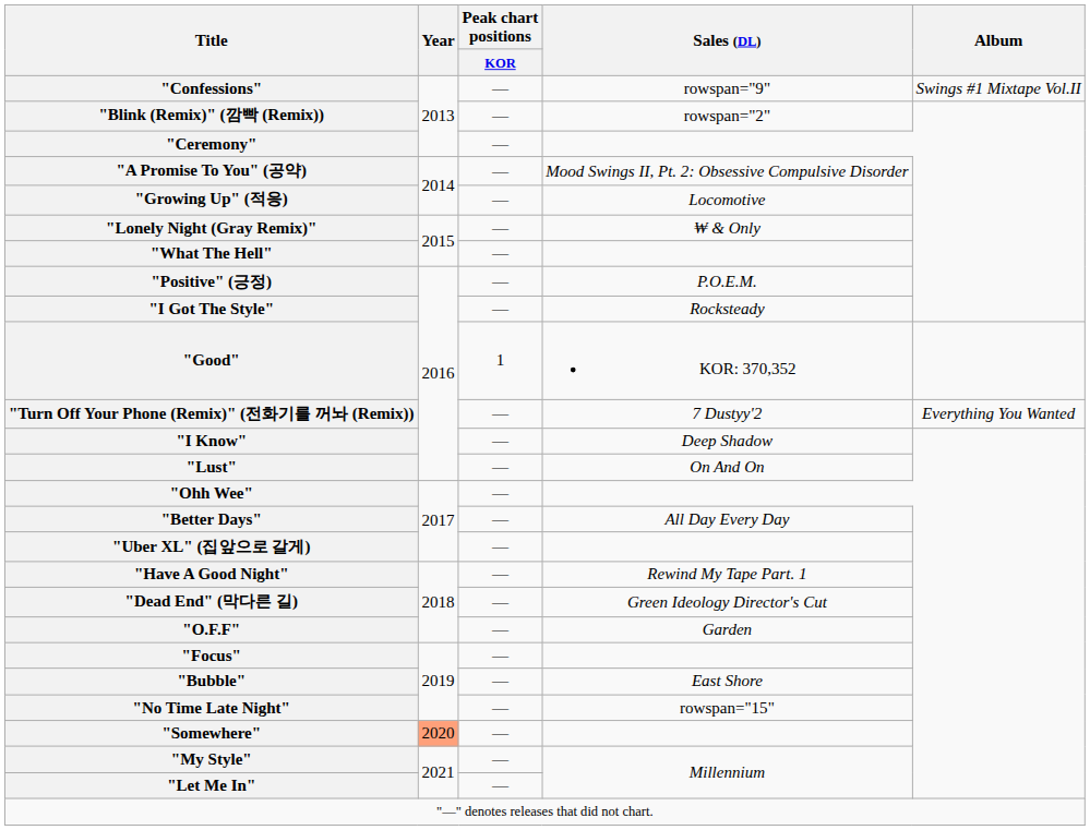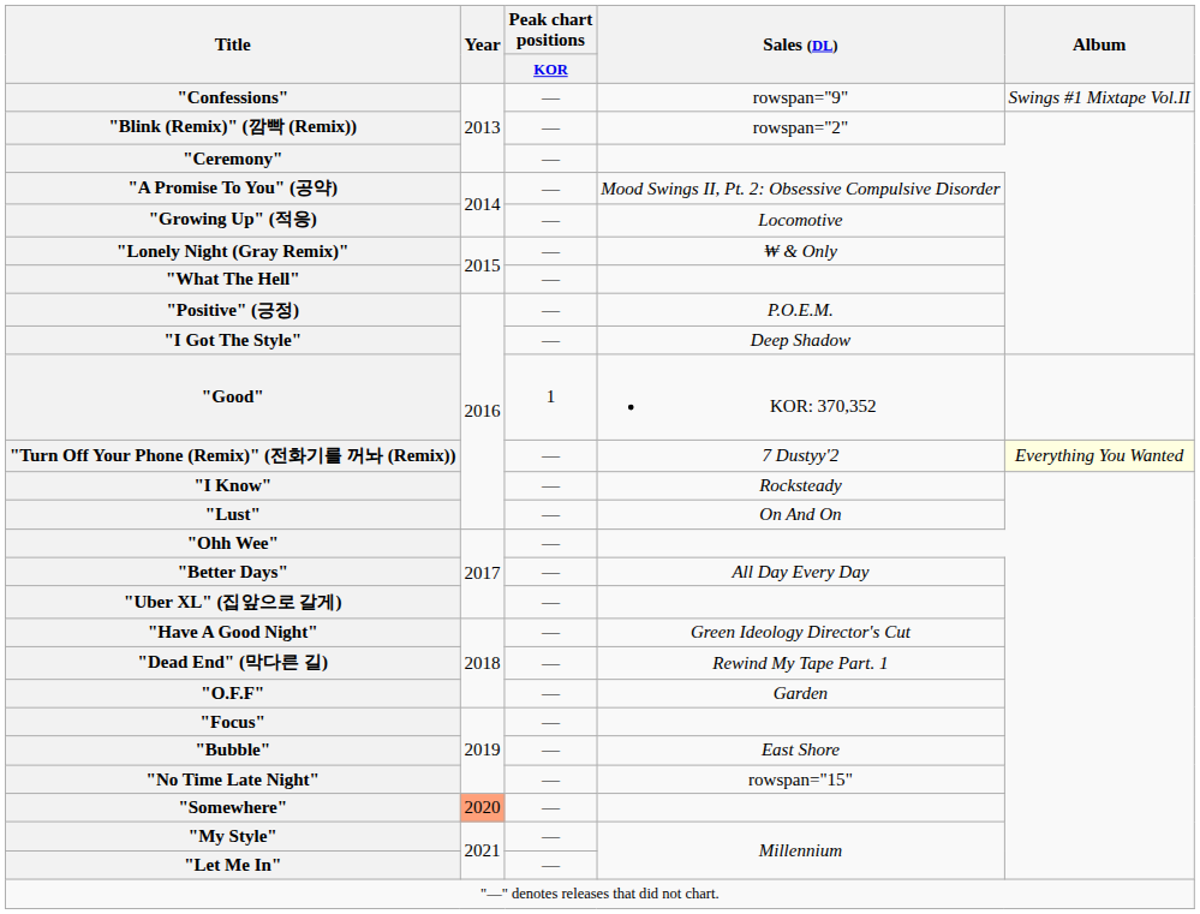 <table class="wikitable plainrowheaders" style="text-align:center;">
 <tr>
 <th scope="col" rowspan="2">Title</th>
 <th scope="col" rowspan="2">Year</th>
 <th scope="col" colspan="1">Peak chart <br> positions</th>
 <th scope="col" rowspan="2">Sales <small>(<a href='#'>DL</a>)</small></th>
 <th scope="col" rowspan="2">Album</th>
 </tr>
 <tr>
 <th><small><a href='#'>KOR</a></small><br></th>
 </tr>
 <tr>
 <th scope="row">"Confessions"<br></th>
 <td rowspan="3">2013</td>
 <td>—</td>
 <td>rowspan="9" </td>
 <td><em>Swings #1 Mixtape Vol.II</em></td>
 </tr>
 <tr>
 <th scope="row">"Blink (Remix)" (깜빡 (Remix))<br></th>
 <td>—</td>
 <td>rowspan="2" </td>
 </tr>
 <tr>
 <th scope="row">"Ceremony"<br></th>
 <td>—</td>
 </tr>
 <tr>
 <th scope="row">"A Promise To You" (공약)<br></th>
 <td rowspan="2">2014</td>
 <td>—</td>
 <td><em>Mood Swings II, Pt. 2: Obsessive Compulsive Disorder</em></td>
 </tr>
 <tr>
 <th scope="row">"Growing Up" (적응)<br></th>
 <td>—</td>
 <td><em>Locomotive</em></td>
 </tr>
 <tr>
 <th scope="row">"Lonely Night (Gray Remix)"<br></th>
 <td rowspan="2">2015</td>
 <td>—</td>
 <td><em>₩ & Only</em></td>
 </tr>
 <tr>
 <th scope="row">"What The Hell"<br></th>
 <td>—</td>
 <td></td>
 </tr>
 <tr>
 <th scope="row">"Positive" (긍정)<br></th>
 <td rowspan="6">2016</td>
 <td>—</td>
 <td><em>P.O.E.M.</em></td>
 </tr>
 <tr>
 <th scope="row">"I Got The Style"<br></th>
 <td>—</td>
-<td><em>Rocksteady</em></td>
+<td><em>Deep Shadow</em></td>
 </tr>
 <tr>
 <th scope="row">"Good"<br></th>
 <td>1</td>
 <td><br><ul><li>KOR: 370,352</li></ul></td>
 <td></td>
 </tr>
 <tr>
 <th scope="row">"Turn Off Your Phone (Remix)" (전화기를 꺼놔 (Remix))<br></th>
 <td>—</td>
 <td><em>7 Dustyy'2</em></td>
-<td><em>Everything You Wanted</em></td>
+<td style="background: lightyellow;"><em>Everything You Wanted</em></td>
 </tr>
 <tr>
 <th scope="row">"I Know"<br></th>
 <td>—</td>
-<td><em>Deep Shadow</em></td>
+<td><em>Rocksteady</em></td>
 </tr>
 <tr>
 <th scope="row">"Lust"<br></th>
 <td>—</td>
 <td><em>On And On</em></td>
 </tr>
 <tr>
 <th scope="row">"Ohh Wee"<br></th>
 <td rowspan="3">2017</td>
 <td>—</td>
 </tr>
 <tr>
 <th scope="row">"Better Days"<br></th>
 <td>—</td>
 <td><em>All Day Every Day</em></td>
 </tr>
 <tr>
 <th scope="row">"Uber XL" (집앞으로 갈게)<br></th>
 <td>—</td>
 <td></td>
 </tr>
 <tr>
 <th scope="row">"Have A Good Night"<br></th>
 <td rowspan="3">2018</td>
 <td>—</td>
-<td><em>Rewind My Tape Part. 1</em></td>
+<td><em>Green Ideology Director's Cut</em></td>
 </tr>
 <tr>
 <th scope="row">"Dead End" (막다른 길)<br></th>
 <td>—</td>
-<td><em>Green Ideology Director's Cut</em></td>
+<td><em>Rewind My Tape Part. 1</em></td>
 </tr>
 <tr>
 <th scope="row">"O.F.F"<br></th>
 <td>—</td>
 <td><em>Garden</em></td>
 </tr>
 <tr>
 <th scope="row">"Focus"<br></th>
 <td rowspan="3">2019</td>
 <td>—</td>
 <td></td>
 </tr>
 <tr>
 <th scope="row">"Bubble"<br></th>
 <td>—</td>
 <td><em>East Shore</em></td>
 </tr>
 <tr>
 <th scope="row">"No Time Late Night"<br></th>
 <td>—</td>
 <td>rowspan="15" </td>
 </tr>
 <tr>
 <th scope="row">"Somewhere"<br></th>
 <td style="background: lightsalmon;">2020</td>
 <td>—</td>
 <td></td>
 </tr>
 <tr>
 <th scope="row">"My Style"<br></th>
 <td rowspan="2">2021</td>
 <td>—</td>
 <td rowspan="2"><em>Millennium</em></td>
 </tr>
 <tr>
 <th scope="row">"Let Me In"<br></th>
 <td>—</td>
 </tr>
 <tr>
 <td colspan="5" align="center"><small>"—" denotes releases that did not chart.</small></td>
 </tr>
 </table>
